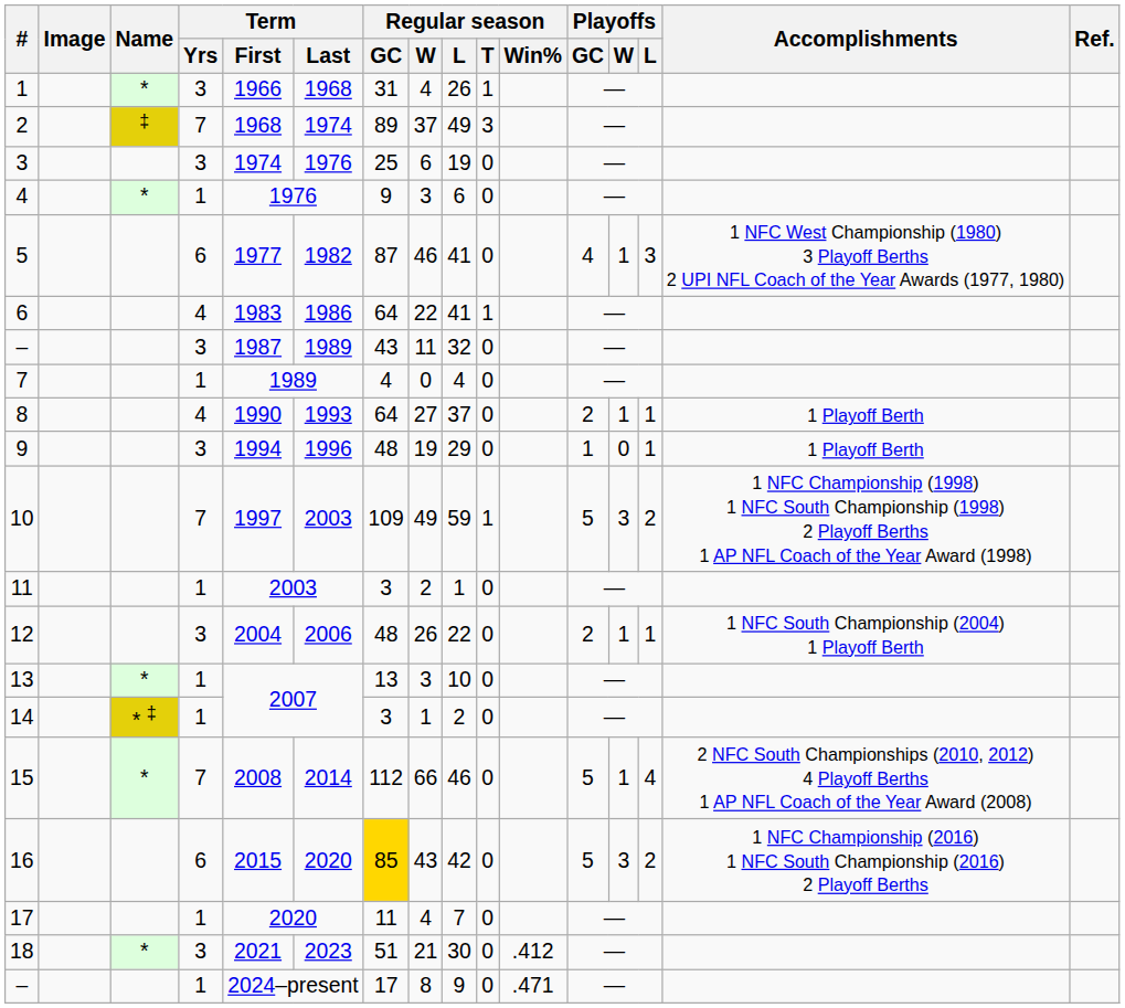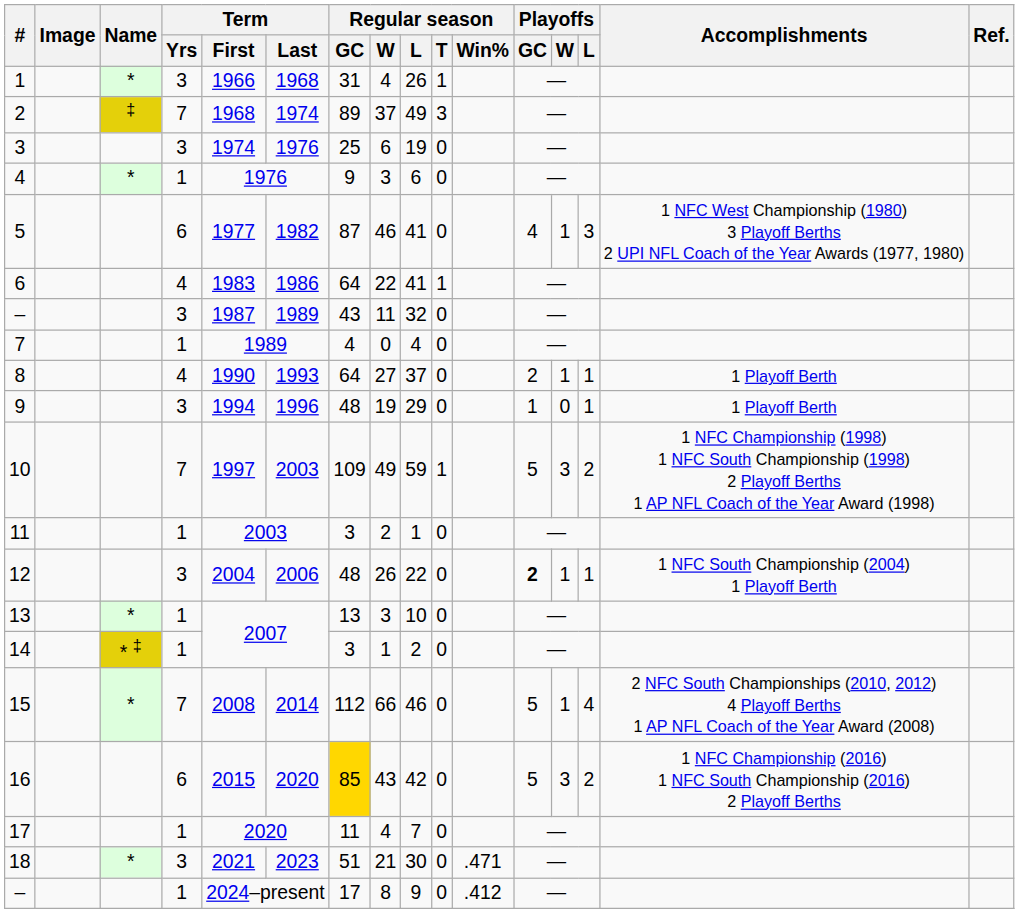 <table class="wikitable sortable" style="text-align:center">
 <tr>
 <th rowspan="2" class="unsortable">#</th>
 <th rowspan="2" class="unsortable">Image</th>
 <th rowspan="2">Name</th>
 <th colspan="3">Term</th>
 <th colspan="5">Regular season</th>
 <th colspan="3">Playoffs</th>
 <th rowspan="2" class="unsortable">Accomplishments</th>
 <th rowspan="2" class="unsortable">Ref.</th>
 </tr>
 <tr>
 <th>Yrs</th>
 <th>First</th>
 <th>Last</th>
 <th>GC</th>
 <th>W</th>
 <th>L</th>
 <th class="unsortable">T</th>
 <th>Win%</th>
 <th>GC</th>
 <th>W</th>
 <th>L</th>
 </tr>
 <tr>
 <td>1</td>
 <td></td>
 <td style="background:#dfd;">*</td>
 <td>3</td>
 <td><a href='#'>1966</a></td>
 <td><a href='#'>1968</a></td>
 <td>31</td>
 <td>4</td>
 <td>26</td>
 <td>1</td>
 <td></td>
 <td colspan="3">—</td>
 <td></td>
 <td></td>
 </tr>
 <tr>
 <td>2</td>
 <td></td>
 <td style="background:#E4D00A;"><sup>‡</sup></td>
 <td>7</td>
 <td><a href='#'>1968</a></td>
 <td><a href='#'>1974</a></td>
 <td>89</td>
 <td>37</td>
 <td>49</td>
 <td>3</td>
 <td></td>
 <td colspan="3">—</td>
 <td></td>
 <td></td>
 </tr>
 <tr>
 <td>3</td>
 <td></td>
 <td></td>
 <td>3</td>
 <td><a href='#'>1974</a></td>
 <td><a href='#'>1976</a></td>
 <td>25</td>
 <td>6</td>
 <td>19</td>
 <td>0</td>
 <td></td>
 <td colspan="3">—</td>
 <td></td>
 <td></td>
 </tr>
 <tr>
 <td>4</td>
 <td></td>
 <td style="background:#dfd;">*</td>
 <td>1</td>
 <td colspan="2"><a href='#'>1976</a></td>
 <td>9</td>
 <td>3</td>
 <td>6</td>
 <td>0</td>
 <td></td>
 <td colspan="3">—</td>
 <td></td>
 <td></td>
 </tr>
 <tr>
 <td>5</td>
 <td></td>
 <td></td>
 <td>6</td>
 <td><a href='#'>1977</a></td>
 <td><a href='#'>1982</a></td>
 <td>87</td>
 <td>46</td>
 <td>41</td>
 <td>0</td>
 <td></td>
 <td>4</td>
 <td>1</td>
 <td>3</td>
 <td><small>1 <a href='#'>NFC West</a> Championship (<a href='#'>1980</a>)<br>3 <a href='#'>Playoff Berths</a> <br>2 <a href='#'>UPI NFL Coach of the Year</a> Awards (1977, 1980) </small></td>
 <td></td>
 </tr>
 <tr>
 <td>6</td>
 <td></td>
 <td></td>
 <td>4</td>
 <td><a href='#'>1983</a></td>
 <td><a href='#'>1986</a></td>
 <td>64</td>
 <td>22</td>
 <td>41</td>
 <td>1</td>
 <td></td>
 <td colspan="3">—</td>
 <td></td>
 <td></td>
 </tr>
 <tr>
 <td>–</td>
 <td></td>
 <td></td>
 <td>3</td>
 <td><a href='#'>1987</a></td>
 <td><a href='#'>1989</a></td>
 <td>43</td>
 <td>11</td>
 <td>32</td>
 <td>0</td>
 <td></td>
 <td colspan="3">—</td>
 <td></td>
 <td></td>
 </tr>
 <tr>
 <td>7</td>
 <td></td>
 <td></td>
 <td>1</td>
 <td colspan="2"><a href='#'>1989</a></td>
 <td>4</td>
 <td>0</td>
 <td>4</td>
 <td>0</td>
 <td></td>
 <td colspan="3">—</td>
 <td></td>
 <td></td>
 </tr>
 <tr>
 <td>8</td>
 <td></td>
 <td></td>
 <td>4</td>
 <td><a href='#'>1990</a></td>
 <td><a href='#'>1993</a></td>
 <td>64</td>
 <td>27</td>
 <td>37</td>
 <td>0</td>
 <td></td>
 <td>2</td>
 <td>1</td>
 <td>1</td>
 <td><small>1 <a href='#'>Playoff Berth</a></small></td>
 <td></td>
 </tr>
 <tr>
 <td>9</td>
 <td></td>
 <td></td>
 <td>3</td>
 <td><a href='#'>1994</a></td>
 <td><a href='#'>1996</a></td>
 <td>48</td>
 <td>19</td>
 <td>29</td>
 <td>0</td>
 <td></td>
 <td>1</td>
 <td>0</td>
 <td>1</td>
 <td><small>1 <a href='#'>Playoff Berth</a></small></td>
 <td></td>
 </tr>
 <tr>
 <td>10</td>
 <td></td>
 <td></td>
 <td>7</td>
 <td><a href='#'>1997</a></td>
 <td><a href='#'>2003</a></td>
 <td>109</td>
 <td>49</td>
 <td>59</td>
 <td>1</td>
 <td></td>
 <td>5</td>
 <td>3</td>
 <td>2</td>
 <td><small>1 <a href='#'>NFC Championship</a> (<a href='#'>1998</a>)<br>1 <a href='#'>NFC South</a> Championship (<a href='#'>1998</a>)<br>2 <a href='#'>Playoff Berths</a> <br> 1 <a href='#'>AP NFL Coach of the Year</a> Award (1998)</small></td>
 <td></td>
 </tr>
 <tr>
 <td>11</td>
 <td></td>
 <td></td>
 <td>1</td>
 <td colspan="2"><a href='#'>2003</a></td>
 <td>3</td>
 <td>2</td>
 <td>1</td>
 <td>0</td>
 <td></td>
 <td colspan="3">—</td>
 <td></td>
 <td></td>
 </tr>
 <tr>
 <td>12</td>
 <td></td>
 <td></td>
 <td>3</td>
 <td><a href='#'>2004</a></td>
 <td><a href='#'>2006</a></td>
 <td>48</td>
 <td>26</td>
 <td>22</td>
 <td>0</td>
 <td></td>
-<td>2</td>
+<td><strong>2</strong></td>
 <td>1</td>
 <td>1</td>
 <td><small>1 <a href='#'>NFC South</a> Championship (<a href='#'>2004</a>)<br>1 <a href='#'>Playoff Berth</a></small></td>
 <td></td>
 </tr>
 <tr>
 <td>13</td>
 <td></td>
 <td style="background:#dfd;">*</td>
 <td>1</td>
 <td colspan="2" rowspan="2"><a href='#'>2007</a></td>
 <td>13</td>
 <td>3</td>
 <td>10</td>
 <td>0</td>
 <td></td>
 <td colspan="3">—</td>
 <td></td>
 <td></td>
 </tr>
 <tr>
 <td>14</td>
 <td></td>
 <td style="background:#E4D00A;">* <sup>‡</sup></td>
 <td>1</td>
 <td>3</td>
 <td>1</td>
 <td>2</td>
 <td>0</td>
 <td></td>
 <td colspan="3">—</td>
 <td></td>
 <td></td>
 </tr>
 <tr>
 <td>15</td>
 <td></td>
 <td style="background:#dfd;">*</td>
 <td>7</td>
 <td><a href='#'>2008</a></td>
 <td><a href='#'>2014</a></td>
 <td>112</td>
 <td>66</td>
 <td>46</td>
 <td>0</td>
 <td></td>
 <td>5</td>
 <td>1</td>
 <td>4</td>
 <td><small>2 <a href='#'>NFC South</a> Championships (<a href='#'>2010</a>, <a href='#'>2012</a>)<br>4 <a href='#'>Playoff Berths</a> <br> 1 <a href='#'>AP NFL Coach of the Year</a> Award (2008)</small></td>
 <td></td>
 </tr>
 <tr>
 <td>16</td>
 <td></td>
 <td></td>
 <td>6</td>
 <td><a href='#'>2015</a></td>
 <td><a href='#'>2020</a></td>
 <td style="background: gold;">85</td>
 <td>43</td>
 <td>42</td>
 <td>0</td>
 <td></td>
 <td>5</td>
 <td>3</td>
 <td>2</td>
 <td><small>1 <a href='#'>NFC Championship</a> (<a href='#'>2016</a>)<br>1 <a href='#'>NFC South</a> Championship (<a href='#'>2016</a>)<br>2 <a href='#'>Playoff Berths</a></small></td>
 <td></td>
 </tr>
 <tr>
 <td>17</td>
 <td></td>
 <td></td>
 <td>1</td>
 <td colspan="2"><a href='#'>2020</a></td>
 <td>11</td>
 <td>4</td>
 <td>7</td>
 <td>0</td>
 <td></td>
 <td colspan="3">—</td>
 <td></td>
 <td></td>
 </tr>
 <tr>
 <td>18</td>
 <td></td>
 <td style="background-color:#ddffdd">*</td>
 <td>3</td>
 <td><a href='#'>2021</a></td>
 <td><a href='#'>2023</a></td>
 <td>51</td>
 <td>21</td>
 <td>30</td>
 <td>0</td>
-<td>.412</td>
+<td>.471</td>
 <td colspan="3">—</td>
 <td></td>
 <td></td>
 </tr>
 <tr>
 <td>–</td>
 <td></td>
 <td align="left"></td>
 <td>1</td>
 <td colspan="2"><a href='#'>2024</a>–present</td>
 <td>17</td>
 <td>8</td>
 <td>9</td>
 <td>0</td>
-<td>.471</td>
+<td>.412</td>
 <td colspan="3">—</td>
 <td></td>
 <td></td>
 </tr>
 <tr>
 </tr>
 </table>
